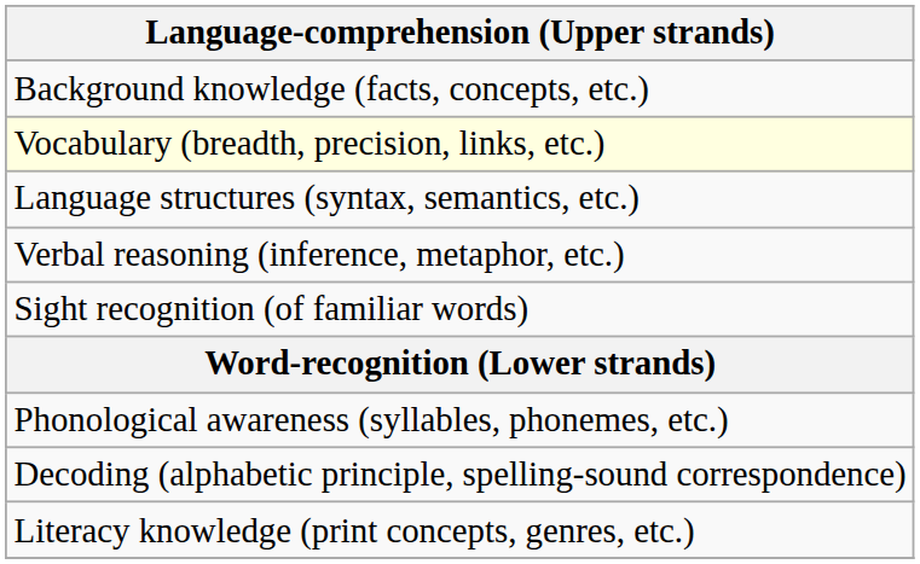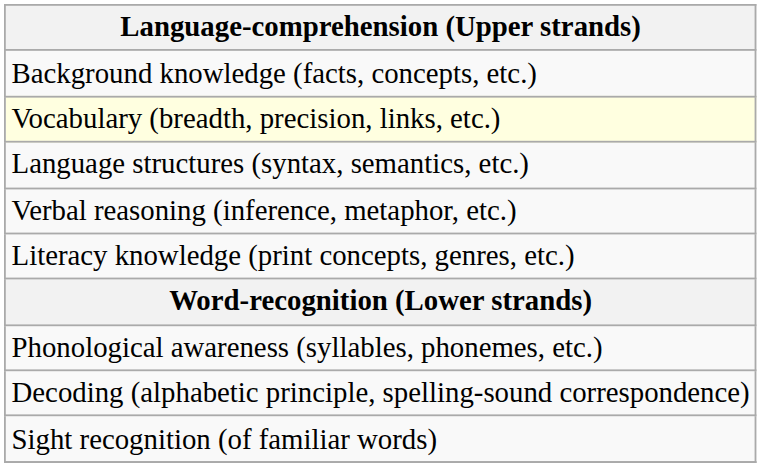 <table class="wikitable sortable">
 <tr>
 <th class="unsortable">Language-comprehension (Upper strands)</th>
 </tr>
 <tr>
 <td>Background knowledge (facts, concepts, etc.)</td>
 </tr>
 <tr>
 <td style="background: lightyellow;">Vocabulary (breadth, precision, links, etc.)</td>
 </tr>
 <tr>
 <td>Language structures (syntax, semantics, etc.)</td>
 </tr>
 <tr>
 <td>Verbal reasoning (inference, metaphor, etc.)</td>
 </tr>
 <tr>
-<td>Sight recognition (of familiar words)</td>
+<td>Literacy knowledge (print concepts, genres, etc.)</td>
 </tr>
 <tr>
 <th class="unsortable">Word-recognition (Lower strands)</th>
 </tr>
 <tr>
 <td>Phonological awareness (syllables, phonemes, etc.)</td>
 </tr>
 <tr>
 <td>Decoding (alphabetic principle, spelling-sound correspondence)</td>
 </tr>
 <tr>
-<td>Literacy knowledge (print concepts, genres, etc.)</td>
+<td>Sight recognition (of familiar words)</td>
 </tr>
 <tr>
 </tr>
 </table>
